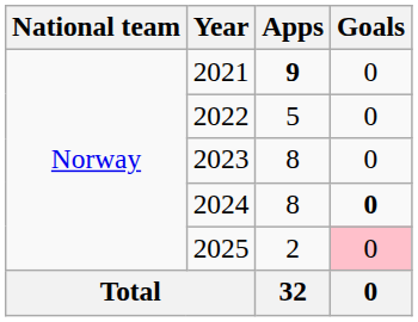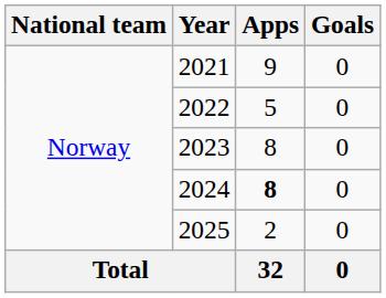 <table class="wikitable" style="text-align:center">
 <tr>
 <th>National team</th>
 <th>Year</th>
 <th>Apps</th>
 <th>Goals</th>
 </tr>
 <tr>
 <td rowspan="5"><a href='#'>Norway</a></td>
 <td>2021</td>
-<td><strong>9</strong></td>
+<td>9</td>
 <td>0</td>
 </tr>
 <tr>
 <td>2022</td>
 <td>5</td>
 <td>0</td>
 </tr>
 <tr>
 <td>2023</td>
 <td>8</td>
 <td>0</td>
 </tr>
 <tr>
 <td>2024</td>
-<td>8</td>
-<td><strong>0</strong></td>
+<td><strong>8</strong></td>
+<td>0</td>
 </tr>
 <tr>
 <td>2025</td>
 <td>2</td>
-<td style="background: pink;">0</td>
+<td>0</td>
 </tr>
 <tr>
 <th colspan="2">Total</th>
 <th>32</th>
 <th>0</th>
 </tr>
 </table>
